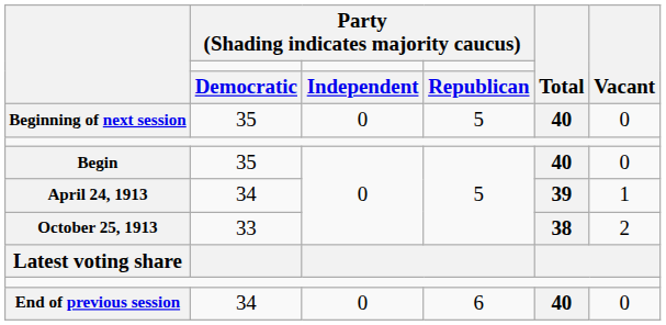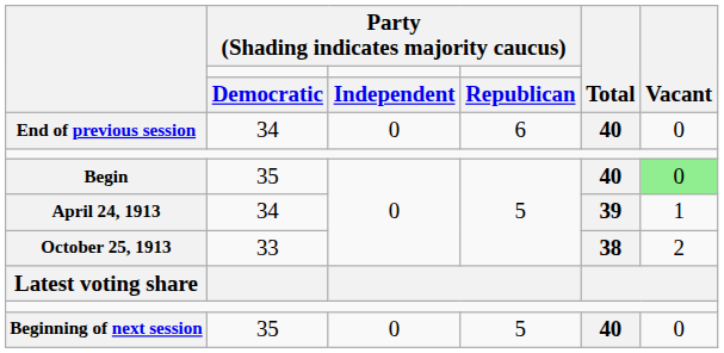 <table class=wikitable style="text-align:center">
 <tr style="vertical-align:bottom;">
 <th rowspan=3></th>
 <th colspan=3>Party <div>(Shading indicates majority caucus)</div></th>
 <th rowspan=3>Total</th>
 <th rowspan=3>Vacant</th>
 </tr>
 <tr style="height:5px">
 <td style="background-color:"></td>
 <td style="background-color:"></td>
 <td style="background-color:"></td>
 </tr>
 <tr>
 <th><a href='#'>Democratic</a></th>
 <th><a href='#'>Independent</a></th>
 <th><a href='#'>Republican</a></th>
 </tr>
 <tr>
-<th style="white-space:nowrap; font-size:80%;">Beginning of <a href='#'>next session</a></th>
-<td>35</td>
+<th nowrap style="font-size:80%">End of <a href='#'>previous session</a></th>
+<td>34</td>
 <td>0</td>
-<td>5</td>
+<td>6</td>
 <th>40</th>
 <td>0</td>
 </tr>
 <tr>
 <td colspan=6></td>
 </tr>
 <tr>
 <th style="font-size:80%">Begin</th>
 <td>35</td>
 <td rowspan=3>0</td>
 <td rowspan=3>5</td>
 <th>40</th>
-<td>0</td>
+<td style="background: lightgreen;">0</td>
 </tr>
 <tr>
 <th style="font-size:80%">April 24, 1913 </th>
 <td>34</td>
 <th>39</th>
 <td>1</td>
 </tr>
 <tr>
 <th style="font-size:80%">October 25, 1913 </th>
 <td>33</td>
 <th>38</th>
 <td>2</td>
 </tr>
 <tr>
 <th>Latest voting share</th>
 <th></th>
 <th colspan=2></th>
 <th colspan=2></th>
 </tr>
 <tr>
 <td colspan=6></td>
 </tr>
 <tr>
-<th nowrap style="font-size:80%">End of <a href='#'>previous session</a></th>
-<td>34</td>
+<th style="white-space:nowrap; font-size:80%;">Beginning of <a href='#'>next session</a></th>
+<td>35</td>
 <td>0</td>
-<td>6</td>
+<td>5</td>
 <th>40</th>
 <td>0</td>
 </tr>
 </table>
